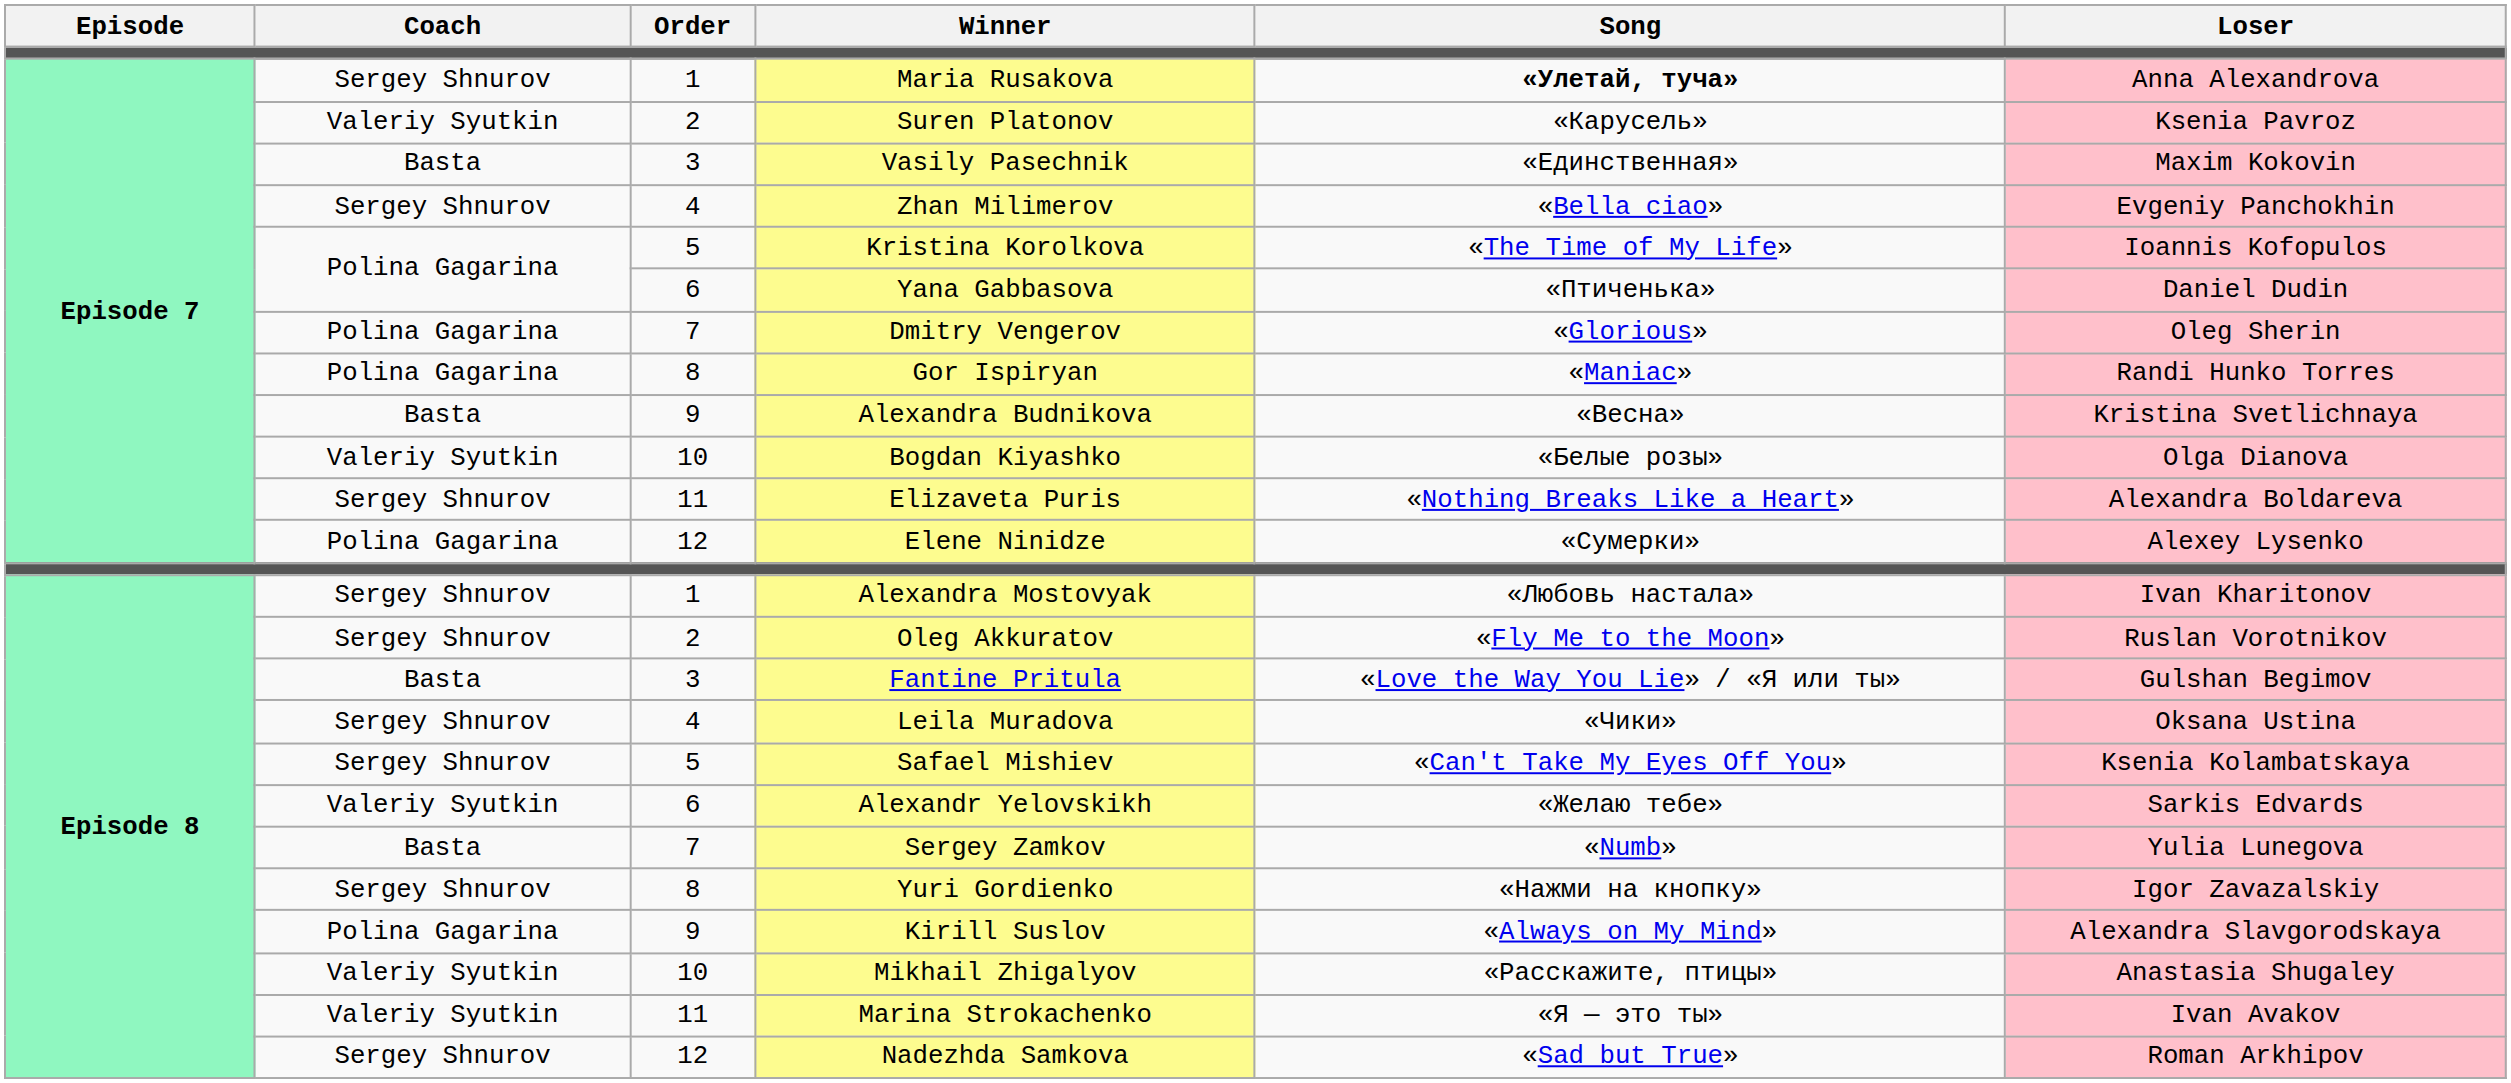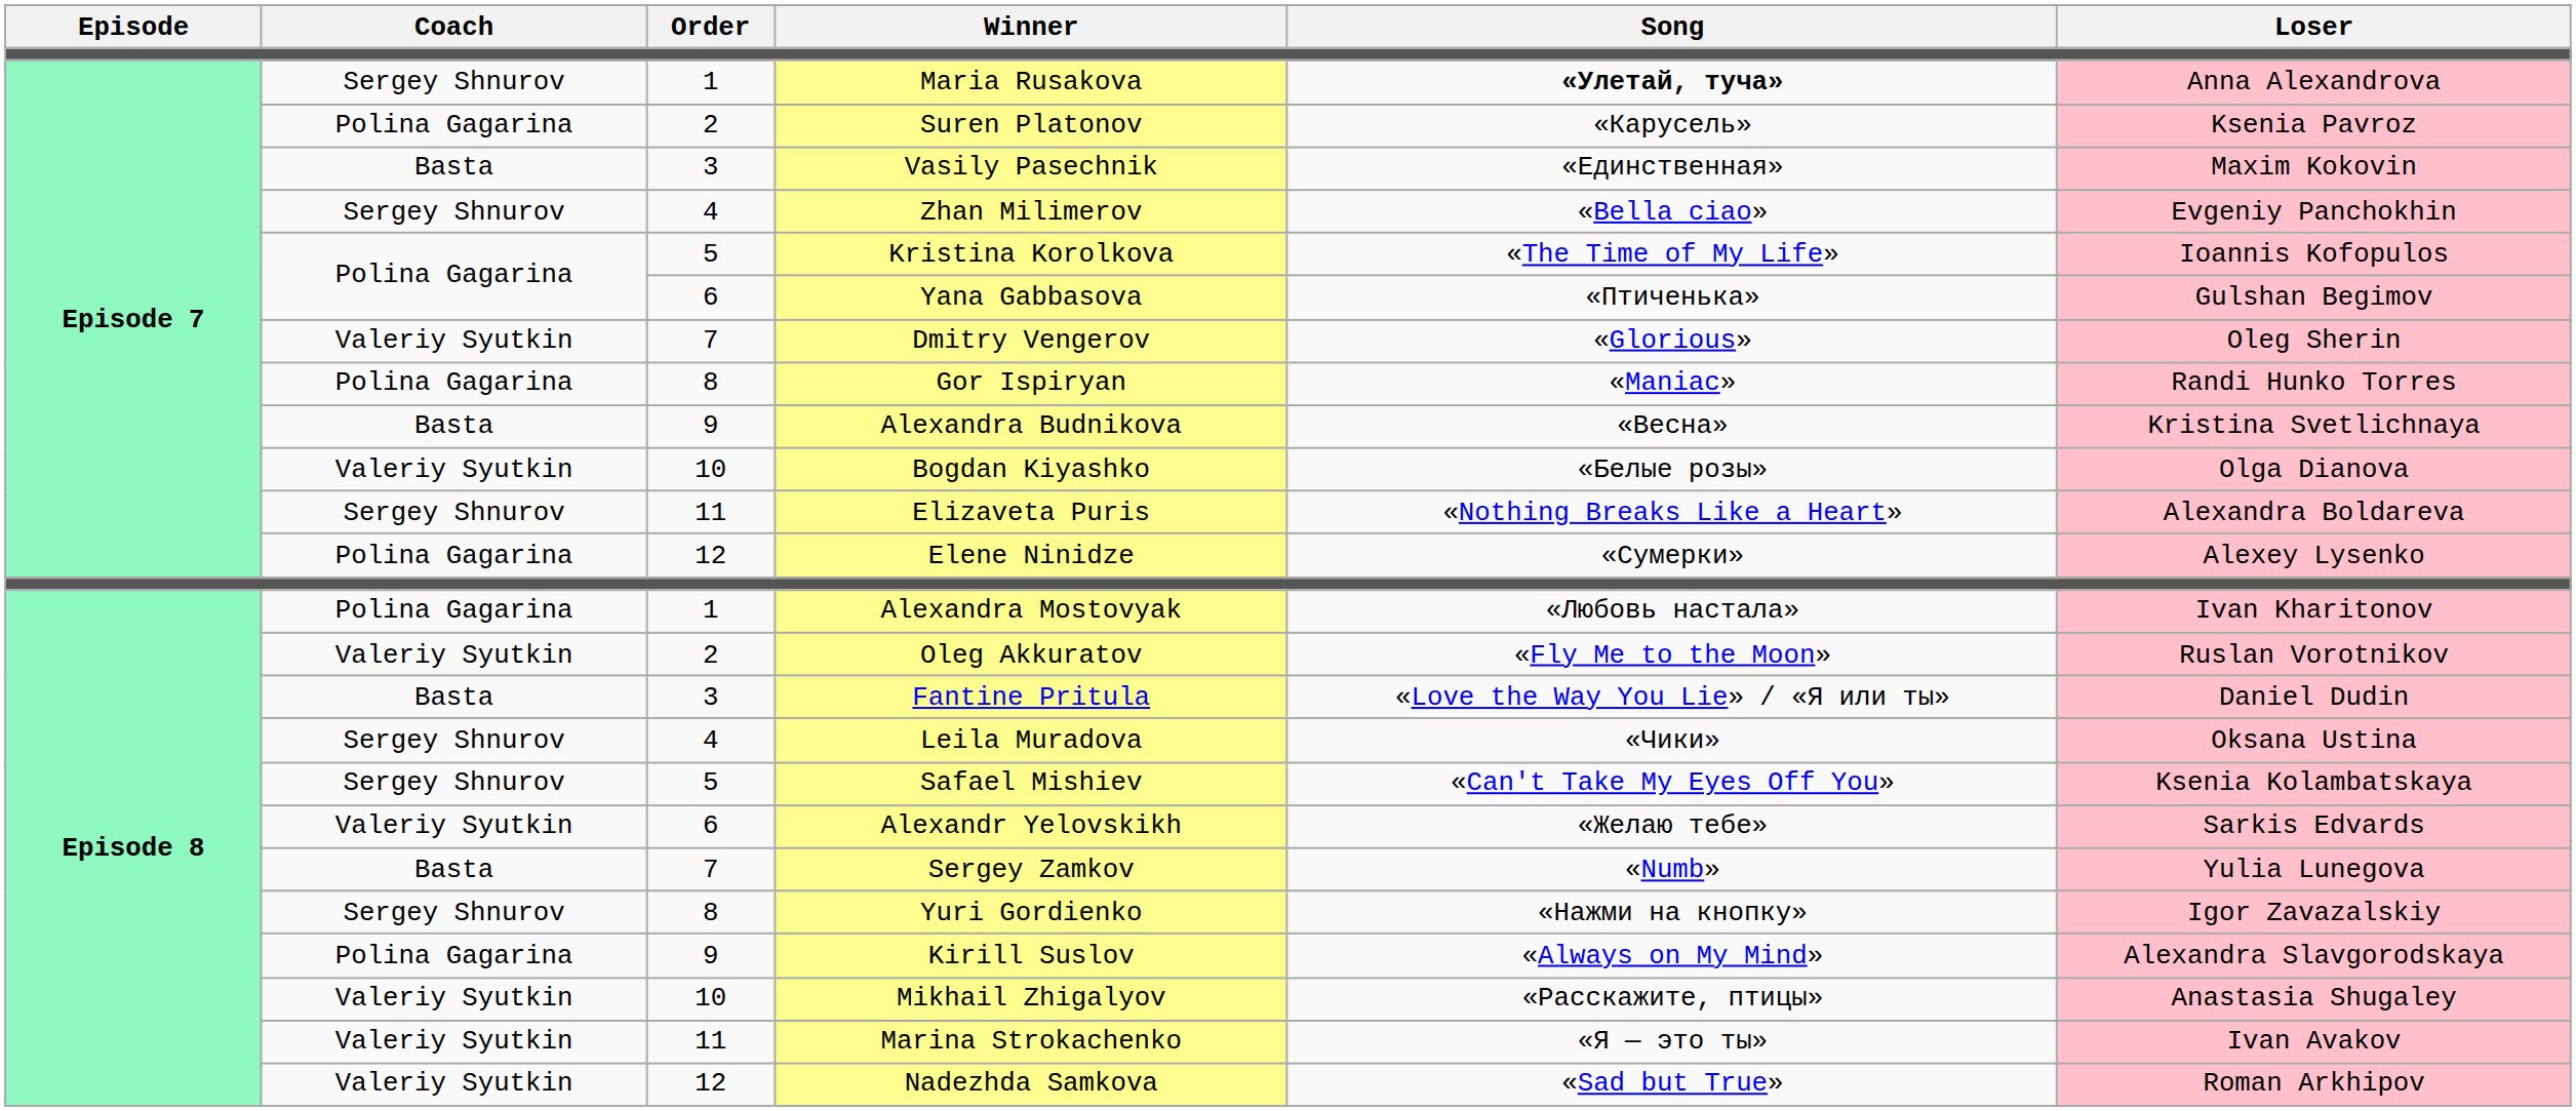 <table class="wikitable" style="text-align: center; width:100%;">
 <tr>
 <th style="width:10%;">Episode</th>
 <th style="width:15%;">Coach</th>
 <th style="width:05%;">Order</th>
 <th style="width:20%;">Winner</th>
 <th style="width:30%;">Song</th>
 <th style="width:20%;">Loser</th>
 </tr>
 <tr>
 <td colspan="6" style="background:#555;"></td>
 </tr>
 <tr>
 <th rowspan=12 style="background:#8ff7c0;">Episode 7 <br><small>  </small></th>
 <td>Sergey Shnurov</td>
 <td>1</td>
 <td style="background:#fdfc8f;">Maria Rusakova</td>
 <td><strong>«Улетай, туча»</strong></td>
 <td style="background:pink;">Anna Alexandrova</td>
 </tr>
 <tr>
-<td>Valeriy Syutkin</td>
+<td>Polina Gagarina</td>
 <td>2</td>
 <td style="background:#fdfc8f;">Suren Platonov</td>
 <td>«Карусель»</td>
 <td style="background:pink;">Ksenia Pavroz</td>
 </tr>
 <tr>
 <td>Basta</td>
 <td>3</td>
 <td style="background:#fdfc8f;">Vasily Pasechnik</td>
 <td>«Единственная»</td>
 <td style="background:pink;">Maxim Kokovin</td>
 </tr>
 <tr>
 <td>Sergey Shnurov</td>
 <td>4</td>
 <td style="background:#fdfc8f;">Zhan Milimerov</td>
 <td>«<a href='#'>Bella ciao</a>»</td>
 <td style="background:pink;">Evgeniy Panchokhin</td>
 </tr>
 <tr>
 <td rowspan=2>Polina Gagarina</td>
 <td>5</td>
 <td style="background:#fdfc8f;">Kristina Korolkova</td>
 <td>«<a href='#'>The Time of My Life</a>»</td>
 <td style="background:pink;">Ioannis Kofopulos</td>
 </tr>
 <tr>
 <td>6</td>
 <td style="background:#fdfc8f;">Yana Gabbasova</td>
 <td>«Птиченька»</td>
-<td style="background:pink;">Daniel Dudin</td>
+<td style="background:pink;">Gulshan Begimov</td>
 </tr>
 <tr>
-<td>Polina Gagarina</td>
+<td>Valeriy Syutkin</td>
 <td>7</td>
 <td style="background:#fdfc8f;">Dmitry Vengerov</td>
 <td>«<a href='#'>Glorious</a>»</td>
 <td style="background:pink;">Oleg Sherin</td>
 </tr>
 <tr>
 <td>Polina Gagarina</td>
 <td>8</td>
 <td style="background:#fdfc8f;">Gor Ispiryan</td>
 <td>«<a href='#'>Maniac</a>»</td>
 <td style="background:pink;">Randi Hunko Torres</td>
 </tr>
 <tr>
 <td>Basta</td>
 <td>9</td>
 <td style="background:#fdfc8f;">Alexandra Budnikova</td>
 <td>«Весна»</td>
 <td style="background:pink;">Kristina Svetlichnaya</td>
 </tr>
 <tr>
 <td>Valeriy Syutkin</td>
 <td>10</td>
 <td style="background:#fdfc8f;">Bogdan Kiyashko</td>
 <td>«Белые розы»</td>
 <td style="background:pink;">Olga Dianova</td>
 </tr>
 <tr>
 <td>Sergey Shnurov</td>
 <td>11</td>
 <td style="background:#fdfc8f;">Elizaveta Puris</td>
 <td>«<a href='#'>Nothing Breaks Like a Heart</a>»</td>
 <td style="background:pink;">Alexandra Boldareva</td>
 </tr>
 <tr>
 <td>Polina Gagarina</td>
 <td>12</td>
 <td style="background:#fdfc8f;">Elene Ninidze</td>
 <td>«Сумерки»</td>
 <td style="background:pink;">Alexey Lysenko</td>
 </tr>
 <tr>
 <td colspan="6" style="background:#555;"></td>
 </tr>
 <tr>
 <th rowspan=12 style="background:#8ff7c0;">Episode 8 <br><small>  </small></th>
-<td>Sergey Shnurov</td>
+<td>Polina Gagarina</td>
 <td>1</td>
 <td style="background:#fdfc8f;">Alexandra Mostovyak</td>
 <td>«Любовь настала»</td>
 <td style="background:pink;">Ivan Kharitonov</td>
 </tr>
 <tr>
-<td>Sergey Shnurov</td>
+<td>Valeriy Syutkin</td>
 <td>2</td>
 <td style="background:#fdfc8f;">Oleg Akkuratov</td>
 <td>«<a href='#'>Fly Me to the Moon</a>»</td>
 <td style="background:pink;">Ruslan Vorotnikov</td>
 </tr>
 <tr>
 <td>Basta</td>
 <td>3</td>
 <td style="background:#fdfc8f;"><a href='#'>Fantine Pritula</a></td>
 <td>«<a href='#'>Love the Way You Lie</a>» / «Я или ты»</td>
-<td style="background:pink;">Gulshan Begimov</td>
+<td style="background:pink;">Daniel Dudin</td>
 </tr>
 <tr>
 <td>Sergey Shnurov</td>
 <td>4</td>
 <td style="background:#fdfc8f;">Leila Muradova</td>
 <td>«Чики»</td>
 <td style="background:pink;">Oksana Ustina</td>
 </tr>
 <tr>
 <td>Sergey Shnurov</td>
 <td>5</td>
 <td style="background:#fdfc8f;">Safael Mishiev</td>
 <td>«<a href='#'>Can't Take My Eyes Off You</a>»</td>
 <td style="background:pink;">Ksenia Kolambatskaya</td>
 </tr>
 <tr>
 <td>Valeriy Syutkin</td>
 <td>6</td>
 <td style="background:#fdfc8f;">Alexandr Yelovskikh</td>
 <td>«Желаю тебе»</td>
 <td style="background:pink;">Sarkis Edvards</td>
 </tr>
 <tr>
 <td>Basta</td>
 <td>7</td>
 <td style="background:#fdfc8f;">Sergey Zamkov</td>
 <td>«<a href='#'>Numb</a>»</td>
 <td style="background:pink;">Yulia Lunegova</td>
 </tr>
 <tr>
 <td>Sergey Shnurov</td>
 <td>8</td>
 <td style="background:#fdfc8f;">Yuri Gordienko</td>
 <td>«Нажми на кнопку»</td>
 <td style="background:pink;">Igor Zavazalskiy</td>
 </tr>
 <tr>
 <td>Polina Gagarina</td>
 <td>9</td>
 <td style="background:#fdfc8f;">Kirill Suslov</td>
 <td>«<a href='#'>Always on My Mind</a>»</td>
 <td style="background:pink;">Alexandra Slavgorodskaya</td>
 </tr>
 <tr>
 <td>Valeriy Syutkin</td>
 <td>10</td>
 <td style="background:#fdfc8f;">Mikhail Zhigalyov</td>
 <td>«Расскажите, птицы»</td>
 <td style="background:pink;">Anastasia Shugaley</td>
 </tr>
 <tr>
 <td>Valeriy Syutkin</td>
 <td>11</td>
 <td style="background:#fdfc8f;">Marina Strokachenko</td>
 <td>«Я — это ты»</td>
 <td style="background:pink;">Ivan Avakov</td>
 </tr>
 <tr>
-<td>Sergey Shnurov</td>
+<td>Valeriy Syutkin</td>
 <td>12</td>
 <td style="background:#fdfc8f;">Nadezhda Samkova</td>
 <td>«<a href='#'>Sad but True</a>»</td>
 <td style="background:pink;">Roman Arkhipov</td>
 </tr>
 <tr>
 </tr>
 </table>
